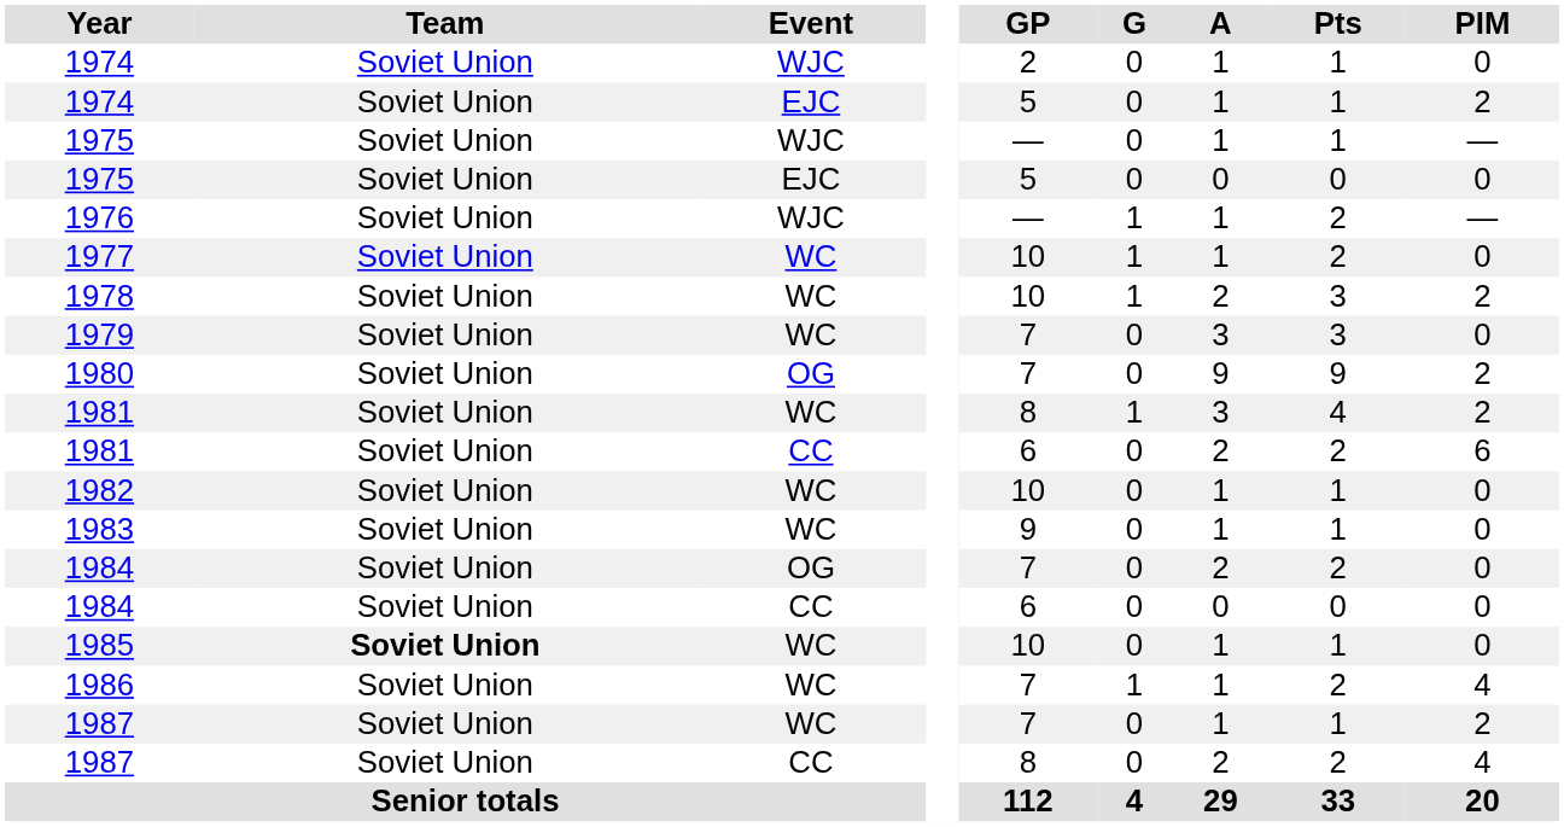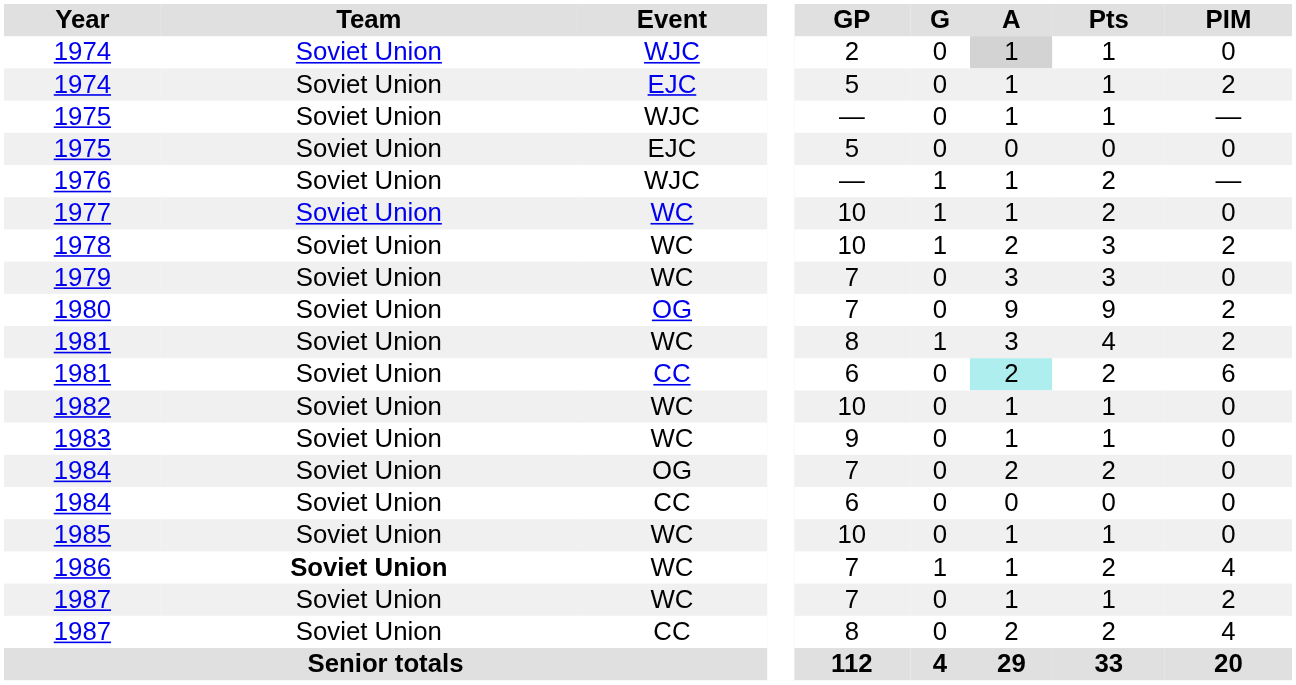 <table border="0" cellpadding="1" cellspacing="0" style="text-align:center; width:50em">
 <tr ALIGN="center" bgcolor="#e0e0e0">
 <th>Year</th>
 <th>Team</th>
 <th>Event</th>
 <th ALIGN="center" rowspan="99" bgcolor="#ffffff"> </th>
 <th>GP</th>
 <th>G</th>
 <th>A</th>
 <th>Pts</th>
 <th>PIM</th>
 </tr>
 <tr>
 <td><a href='#'>1974</a></td>
 <td><a href='#'>Soviet Union</a></td>
 <td><a href='#'>WJC</a></td>
 <td>2</td>
 <td>0</td>
-<td>1</td>
+<td style="background: lightgrey;">1</td>
 <td>1</td>
 <td>0</td>
 </tr>
 <tr bgcolor="#f0f0f0">
 <td><a href='#'>1974</a></td>
 <td>Soviet Union</td>
 <td><a href='#'>EJC</a></td>
 <td>5</td>
 <td>0</td>
 <td>1</td>
 <td>1</td>
 <td>2</td>
 </tr>
 <tr>
 <td><a href='#'>1975</a></td>
 <td>Soviet Union</td>
 <td>WJC</td>
 <td>—</td>
 <td>0</td>
 <td>1</td>
 <td>1</td>
 <td>—</td>
 </tr>
 <tr bgcolor="#f0f0f0">
 <td><a href='#'>1975</a></td>
 <td>Soviet Union</td>
 <td>EJC</td>
 <td>5</td>
 <td>0</td>
 <td>0</td>
 <td>0</td>
 <td>0</td>
 </tr>
 <tr>
 <td><a href='#'>1976</a></td>
 <td>Soviet Union</td>
 <td>WJC</td>
 <td>—</td>
 <td>1</td>
 <td>1</td>
 <td>2</td>
 <td>—</td>
 </tr>
 <tr bgcolor="#f0f0f0">
 <td><a href='#'>1977</a></td>
 <td><a href='#'>Soviet Union</a></td>
 <td><a href='#'>WC</a></td>
 <td>10</td>
 <td>1</td>
 <td>1</td>
 <td>2</td>
 <td>0</td>
 </tr>
 <tr>
 <td><a href='#'>1978</a></td>
 <td>Soviet Union</td>
 <td>WC</td>
 <td>10</td>
 <td>1</td>
 <td>2</td>
 <td>3</td>
 <td>2</td>
 </tr>
 <tr bgcolor="#f0f0f0">
 <td><a href='#'>1979</a></td>
 <td>Soviet Union</td>
 <td>WC</td>
 <td>7</td>
 <td>0</td>
 <td>3</td>
 <td>3</td>
 <td>0</td>
 </tr>
 <tr>
 <td><a href='#'>1980</a></td>
 <td>Soviet Union</td>
 <td><a href='#'>OG</a></td>
 <td>7</td>
 <td>0</td>
 <td>9</td>
 <td>9</td>
 <td>2</td>
 </tr>
 <tr bgcolor="#f0f0f0">
 <td><a href='#'>1981</a></td>
 <td>Soviet Union</td>
 <td>WC</td>
 <td>8</td>
 <td>1</td>
 <td>3</td>
 <td>4</td>
 <td>2</td>
 </tr>
 <tr>
 <td><a href='#'>1981</a></td>
 <td>Soviet Union</td>
 <td><a href='#'>CC</a></td>
 <td>6</td>
 <td>0</td>
-<td>2</td>
+<td style="background: paleturquoise;">2</td>
 <td>2</td>
 <td>6</td>
 </tr>
 <tr bgcolor="#f0f0f0">
 <td><a href='#'>1982</a></td>
 <td>Soviet Union</td>
 <td>WC</td>
 <td>10</td>
 <td>0</td>
 <td>1</td>
 <td>1</td>
 <td>0</td>
 </tr>
 <tr>
 <td><a href='#'>1983</a></td>
 <td>Soviet Union</td>
 <td>WC</td>
 <td>9</td>
 <td>0</td>
 <td>1</td>
 <td>1</td>
 <td>0</td>
 </tr>
 <tr bgcolor="#f0f0f0">
 <td><a href='#'>1984</a></td>
 <td>Soviet Union</td>
 <td>OG</td>
 <td>7</td>
 <td>0</td>
 <td>2</td>
 <td>2</td>
 <td>0</td>
 </tr>
 <tr>
 <td><a href='#'>1984</a></td>
 <td>Soviet Union</td>
 <td>CC</td>
 <td>6</td>
 <td>0</td>
 <td>0</td>
 <td>0</td>
 <td>0</td>
 </tr>
 <tr bgcolor="#f0f0f0">
 <td><a href='#'>1985</a></td>
-<td><strong>Soviet Union</strong></td>
+<td>Soviet Union</td>
 <td>WC</td>
 <td>10</td>
 <td>0</td>
 <td>1</td>
 <td>1</td>
 <td>0</td>
 </tr>
 <tr>
 <td><a href='#'>1986</a></td>
-<td>Soviet Union</td>
+<td><strong>Soviet Union</strong></td>
 <td>WC</td>
 <td>7</td>
 <td>1</td>
 <td>1</td>
 <td>2</td>
 <td>4</td>
 </tr>
 <tr bgcolor="#f0f0f0">
 <td><a href='#'>1987</a></td>
 <td>Soviet Union</td>
 <td>WC</td>
 <td>7</td>
 <td>0</td>
 <td>1</td>
 <td>1</td>
 <td>2</td>
 </tr>
 <tr>
 <td><a href='#'>1987</a></td>
 <td>Soviet Union</td>
 <td>CC</td>
 <td>8</td>
 <td>0</td>
 <td>2</td>
 <td>2</td>
 <td>4</td>
 </tr>
 <tr bgcolor="#e0e0e0">
 <th colspan=3>Senior totals</th>
 <th>112</th>
 <th>4</th>
 <th>29</th>
 <th>33</th>
 <th>20</th>
 </tr>
 </table>
